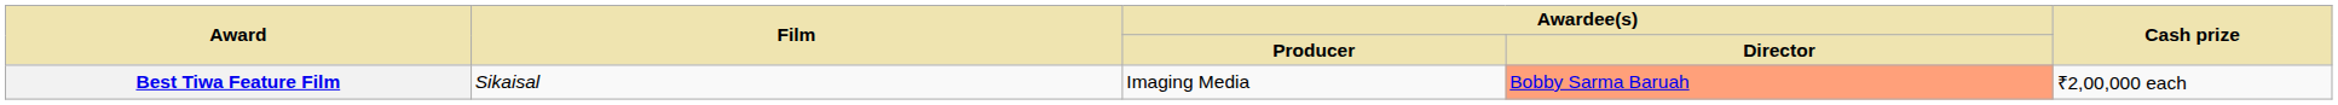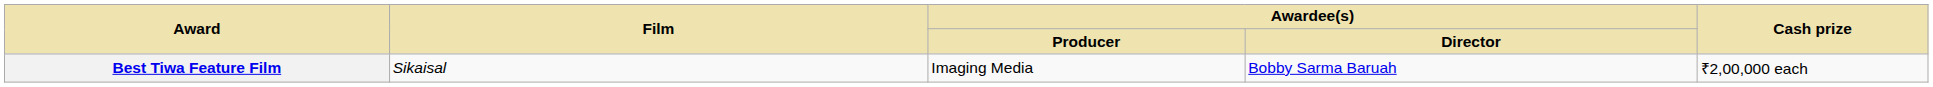 <table class="wikitable plainrowheaders" style="width:100%">
 <tr>
 <th scope="col" rowspan="2" style="background-color:#EFE4B0;width:20%;">Award</th>
 <th scope="col" rowspan="2" style="background-color:#EFE4B0;width:28%;">Film</th>
 <th scope="col" colspan="2" style="background-color:#EFE4B0;width:40%;">Awardee(s)</th>
 <th scope="col" rowspan="2" style="background-color:#EFE4B0;width:12%;">Cash prize</th>
 </tr>
 <tr>
 <th scope="col" style="background-color:#EFE4B0;">Producer</th>
 <th scope="col" style="background-color:#EFE4B0;">Director</th>
 </tr>
 <tr>
 <th scope="row"><a href='#'>Best Tiwa Feature Film</a></th>
 <td><em>Sikaisal</em></td>
 <td>Imaging Media</td>
-<td style="background: lightsalmon;"><a href='#'>Bobby Sarma Baruah</a></td>
+<td><a href='#'>Bobby Sarma Baruah</a></td>
 <td>₹2,00,000 each</td>
 </tr>
 </table>
